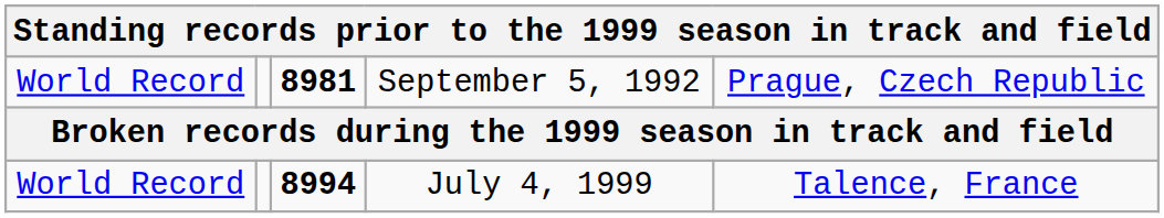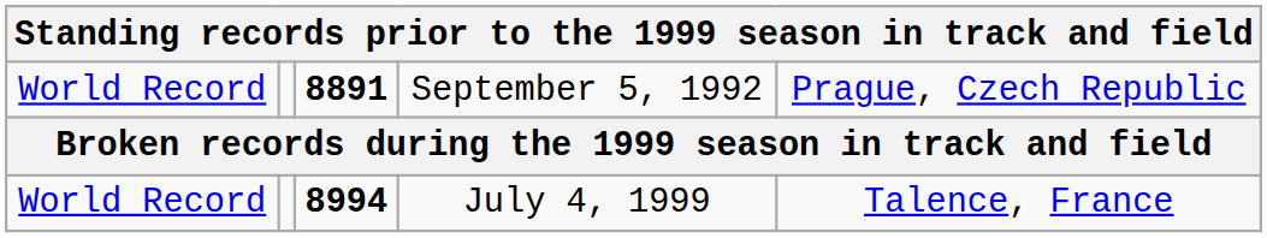 <table class="wikitable" style=" text-align:center;">
 <tr>
 <th colspan="5">Standing records prior to the 1999 season in track and field</th>
 </tr>
 <tr>
 <td><a href='#'>World Record</a></td>
 <td></td>
-<td><strong>8981</strong></td>
+<td><strong>8891</strong></td>
 <td>September 5, 1992</td>
 <td> <a href='#'>Prague</a>, <a href='#'>Czech Republic</a></td>
 </tr>
 <tr>
 <th colspan="5">Broken records during the 1999 season in track and field</th>
 </tr>
 <tr>
 <td><a href='#'>World Record</a></td>
 <td></td>
 <td><strong>8994</strong></td>
 <td>July 4, 1999</td>
 <td> <a href='#'>Talence</a>, <a href='#'>France</a></td>
 </tr>
 </table>
